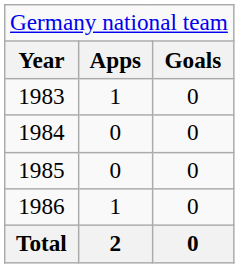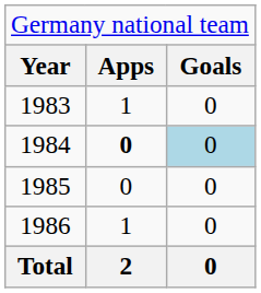 <table class="wikitable" style="text-align:center">
 <tr>
 <td colspan="3"><a href='#'>Germany national team</a></td>
 </tr>
 <tr>
 <th>Year</th>
 <th>Apps</th>
 <th>Goals</th>
 </tr>
 <tr>
 <td>1983</td>
 <td>1</td>
 <td>0</td>
 </tr>
 <tr>
 <td>1984</td>
-<td>0</td>
-<td>0</td>
+<td><strong>0</strong></td>
+<td style="background: lightblue;">0</td>
 </tr>
 <tr>
 <td>1985</td>
 <td>0</td>
 <td>0</td>
 </tr>
 <tr>
 <td>1986</td>
 <td>1</td>
 <td>0</td>
 </tr>
 <tr>
 <th>Total</th>
 <th>2</th>
 <th>0</th>
 </tr>
 </table>
